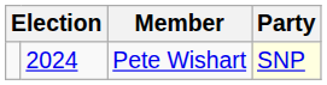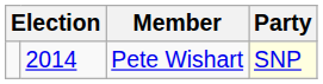 <table class="wikitable">
 <tr>
 <th colspan="2">Election</th>
 <th>Member</th>
 <th>Party</th>
 </tr>
 <tr>
 <td style="color:inherit;background-color: "></td>
-<td><a href='#'>2024</a></td>
+<td><a href='#'>2014</a></td>
 <td><a href='#'>Pete Wishart</a></td>
 <td style="background: lightyellow;"><a href='#'>SNP</a></td>
 </tr>
 </table>
